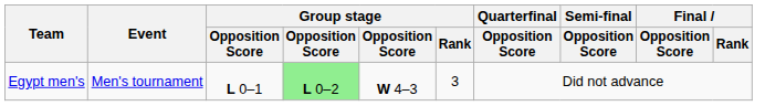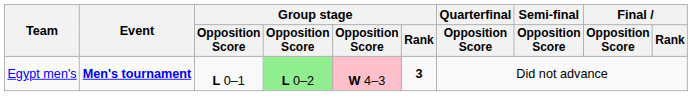 <table class="wikitable" style="font-size:90%">
 <tr>
 <th rowspan=2>Team</th>
 <th rowspan=2>Event</th>
 <th colspan=4>Group stage</th>
 <th>Quarterfinal</th>
 <th>Semi-final</th>
 <th colspan=2>Final / </th>
 </tr>
 <tr style="font-size:95%">
 <th>Opposition<br>Score</th>
 <th>Opposition<br>Score</th>
 <th>Opposition<br>Score</th>
 <th>Rank</th>
 <th>Opposition<br>Score</th>
 <th>Opposition<br>Score</th>
 <th>Opposition<br>Score</th>
 <th>Rank</th>
 </tr>
 <tr align=center>
 <td align=left><a href='#'>Egypt men's</a></td>
-<td align=left><a href='#'>Men's tournament</a></td>
+<td align=left><strong><a href='#'>Men's tournament</a></strong></td>
 <td><br><strong>L</strong> 0–1</td>
 <td style="background: lightgreen;"><br><strong>L</strong> 0–2</td>
-<td><br><strong>W</strong> 4–3</td>
-<td>3</td>
+<td style="background: pink;"><br><strong>W</strong> 4–3</td>
+<td><strong>3</strong></td>
 <td colspan=4>Did not advance</td>
 </tr>
 </table>
